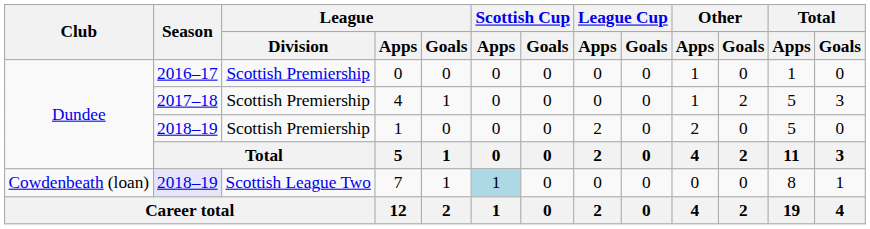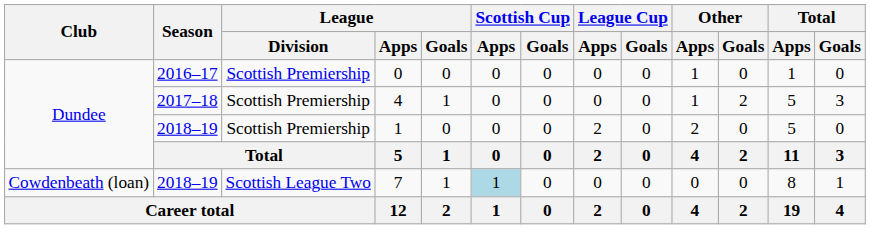 <table class=wikitable style="text-align: center">
 <tr>
 <th rowspan=2>Club</th>
 <th rowspan=2>Season</th>
 <th colspan=3>League</th>
 <th colspan=2><a href='#'>Scottish Cup</a></th>
 <th colspan=2><a href='#'>League Cup</a></th>
 <th colspan=2>Other</th>
 <th colspan=2>Total</th>
 </tr>
 <tr>
 <th>Division</th>
 <th>Apps</th>
 <th>Goals</th>
 <th>Apps</th>
 <th>Goals</th>
 <th>Apps</th>
 <th>Goals</th>
 <th>Apps</th>
 <th>Goals</th>
 <th>Apps</th>
 <th>Goals</th>
 </tr>
 <tr>
 <td rowspan=4><a href='#'>Dundee</a></td>
 <td><a href='#'>2016–17</a></td>
 <td><a href='#'>Scottish Premiership</a></td>
 <td>0</td>
 <td>0</td>
 <td>0</td>
 <td>0</td>
 <td>0</td>
 <td>0</td>
 <td>1</td>
 <td>0</td>
 <td>1</td>
 <td>0</td>
 </tr>
 <tr>
 <td><a href='#'>2017–18</a></td>
 <td>Scottish Premiership</td>
 <td>4</td>
 <td>1</td>
 <td>0</td>
 <td>0</td>
 <td>0</td>
 <td>0</td>
 <td>1</td>
 <td>2</td>
 <td>5</td>
 <td>3</td>
 </tr>
 <tr>
 <td><a href='#'>2018–19</a></td>
 <td>Scottish Premiership</td>
 <td>1</td>
 <td>0</td>
 <td>0</td>
 <td>0</td>
 <td>2</td>
 <td>0</td>
 <td>2</td>
 <td>0</td>
 <td>5</td>
 <td>0</td>
 </tr>
 <tr>
 <th colspan="2">Total</th>
 <th>5</th>
 <th>1</th>
 <th>0</th>
 <th>0</th>
 <th>2</th>
 <th>0</th>
 <th>4</th>
 <th>2</th>
 <th>11</th>
 <th>3</th>
 </tr>
 <tr>
 <td><a href='#'>Cowdenbeath</a> (loan)</td>
-<td style="background: lavender;"><a href='#'>2018–19</a></td>
+<td><a href='#'>2018–19</a></td>
 <td><a href='#'>Scottish League Two</a></td>
 <td>7</td>
 <td>1</td>
 <td style="background: lightblue;">1</td>
 <td>0</td>
 <td>0</td>
 <td>0</td>
 <td>0</td>
 <td>0</td>
 <td>8</td>
 <td>1</td>
 </tr>
 <tr>
 <th colspan=3>Career total</th>
 <th>12</th>
 <th>2</th>
 <th>1</th>
 <th>0</th>
 <th>2</th>
 <th>0</th>
 <th>4</th>
 <th>2</th>
 <th>19</th>
 <th>4</th>
 </tr>
 </table>
